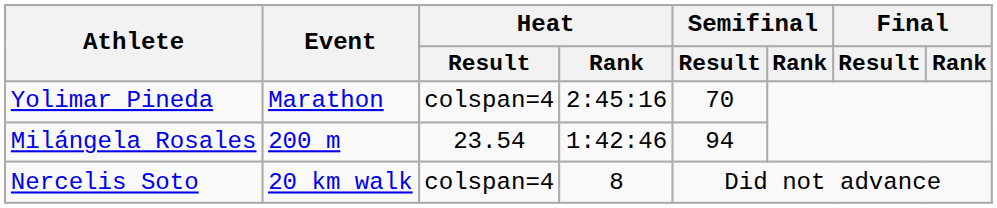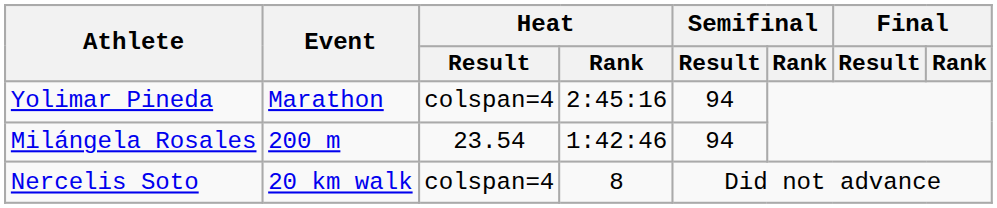 <table class="wikitable" style="font-size:90%">
 <tr>
 <th rowspan="2">Athlete</th>
 <th rowspan="2">Event</th>
 <th colspan="2">Heat</th>
 <th colspan="2">Semifinal</th>
 <th colspan="2">Final</th>
 </tr>
 <tr style="font-size:95%">
 <th>Result</th>
 <th>Rank</th>
 <th>Result</th>
 <th>Rank</th>
 <th>Result</th>
 <th>Rank</th>
 </tr>
 <tr align=center>
 <td align=left><a href='#'>Yolimar Pineda</a></td>
 <td align=left><a href='#'>Marathon</a></td>
 <td>colspan=4 </td>
 <td>2:45:16</td>
-<td>70</td>
+<td>94</td>
 </tr>
 <tr align=center>
 <td align=left><a href='#'>Milángela Rosales</a></td>
 <td align=left><a href='#'>200 m</a></td>
 <td>23.54</td>
 <td>1:42:46</td>
 <td>94</td>
 </tr>
 <tr align=center>
 <td align=left><a href='#'>Nercelis Soto</a></td>
 <td align=left><a href='#'>20 km walk</a></td>
 <td>colspan=4 </td>
 <td>8</td>
 <td colspan=4>Did not advance</td>
 </tr>
 </table>
